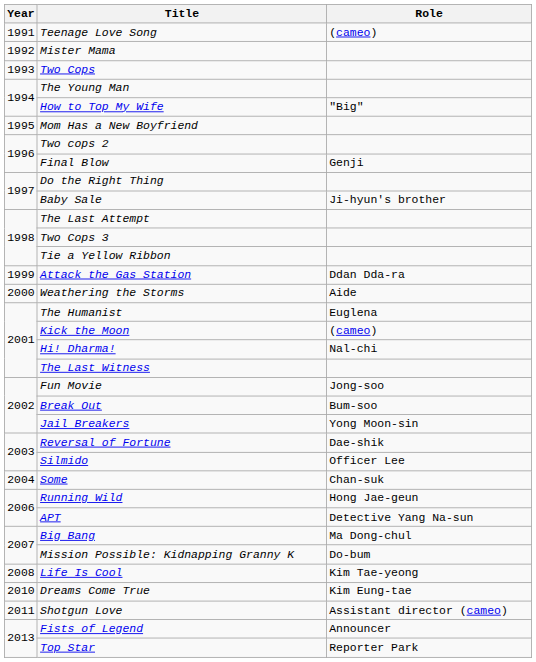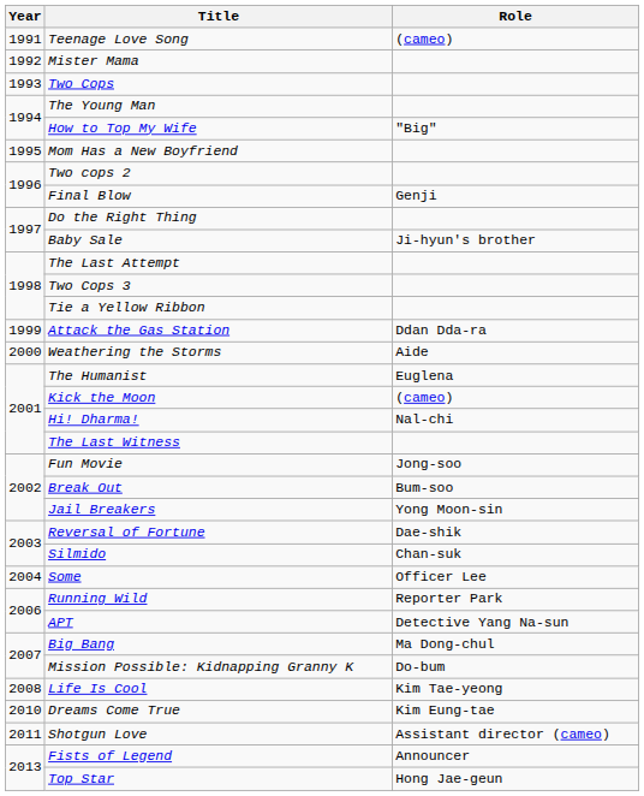 <table class="wikitable" style="width:600px">
 <tr>
 <th width=10>Year</th>
 <th>Title</th>
 <th>Role</th>
 </tr>
 <tr>
 <td>1991</td>
 <td><em>Teenage Love Song</em></td>
 <td>(<a href='#'>cameo</a>)</td>
 </tr>
 <tr>
 <td>1992</td>
 <td><em>Mister Mama</em></td>
 <td></td>
 </tr>
 <tr>
 <td>1993</td>
 <td><em><a href='#'>Two Cops</a></em></td>
 <td></td>
 </tr>
 <tr>
 <td rowspan=2>1994</td>
 <td><em>The Young Man</em></td>
 <td></td>
 </tr>
 <tr>
 <td><em><a href='#'>How to Top My Wife</a></em></td>
 <td>"Big"</td>
 </tr>
 <tr>
 <td>1995</td>
 <td><em>Mom Has a New Boyfriend</em></td>
 <td></td>
 </tr>
 <tr>
 <td rowspan=2>1996</td>
 <td><em>Two cops 2</em></td>
 <td></td>
 </tr>
 <tr>
 <td><em>Final Blow</em></td>
 <td>Genji</td>
 </tr>
 <tr>
 <td rowspan=2>1997</td>
 <td><em>Do the Right Thing</em></td>
 <td></td>
 </tr>
 <tr>
 <td><em>Baby Sale</em></td>
 <td>Ji-hyun's brother</td>
 </tr>
 <tr>
 <td rowspan=3>1998</td>
 <td><em>The Last Attempt</em></td>
 <td></td>
 </tr>
 <tr>
 <td><em>Two Cops 3</em></td>
 <td></td>
 </tr>
 <tr>
 <td><em>Tie a Yellow Ribbon</em></td>
 <td></td>
 </tr>
 <tr>
 <td>1999</td>
 <td><em><a href='#'>Attack the Gas Station</a></em></td>
 <td>Ddan Dda-ra</td>
 </tr>
 <tr>
 <td>2000</td>
 <td><em>Weathering the Storms</em></td>
 <td>Aide</td>
 </tr>
 <tr>
 <td rowspan=4>2001</td>
 <td><em>The Humanist</em></td>
 <td>Euglena</td>
 </tr>
 <tr>
 <td><em><a href='#'>Kick the Moon</a></em></td>
 <td>(<a href='#'>cameo</a>)</td>
 </tr>
 <tr>
 <td><em><a href='#'>Hi! Dharma!</a></em></td>
 <td>Nal-chi</td>
 </tr>
 <tr>
 <td><em><a href='#'>The Last Witness</a></em></td>
 <td></td>
 </tr>
 <tr>
 <td rowspan=3>2002</td>
 <td><em>Fun Movie</em></td>
 <td>Jong-soo</td>
 </tr>
 <tr>
 <td><em><a href='#'>Break Out</a></em></td>
 <td>Bum-soo</td>
 </tr>
 <tr>
 <td><em><a href='#'>Jail Breakers</a></em></td>
 <td>Yong Moon-sin</td>
 </tr>
 <tr>
 <td rowspan=2>2003</td>
 <td><em><a href='#'>Reversal of Fortune</a></em></td>
 <td>Dae-shik</td>
 </tr>
 <tr>
 <td><em><a href='#'>Silmido</a></em></td>
-<td>Officer Lee</td>
+<td>Chan-suk</td>
 </tr>
 <tr>
 <td>2004</td>
 <td><em><a href='#'>Some</a></em></td>
-<td>Chan-suk</td>
+<td>Officer Lee</td>
 </tr>
 <tr>
 <td rowspan=2>2006</td>
 <td><em><a href='#'>Running Wild</a></em></td>
-<td>Hong Jae-geun</td>
+<td>Reporter Park</td>
 </tr>
 <tr>
 <td><em><a href='#'>APT</a></em></td>
 <td>Detective Yang Na-sun</td>
 </tr>
 <tr>
 <td rowspan=2>2007</td>
 <td><em><a href='#'>Big Bang</a></em></td>
 <td>Ma Dong-chul</td>
 </tr>
 <tr>
 <td><em>Mission Possible: Kidnapping Granny K</em></td>
 <td>Do-bum</td>
 </tr>
 <tr>
 <td>2008</td>
 <td><em><a href='#'>Life Is Cool</a></em></td>
 <td>Kim Tae-yeong</td>
 </tr>
 <tr>
 <td>2010</td>
 <td><em>Dreams Come True</em> </td>
 <td>Kim Eung-tae</td>
 </tr>
 <tr>
 <td>2011</td>
 <td><em>Shotgun Love</em></td>
 <td>Assistant director (<a href='#'>cameo</a>)</td>
 </tr>
 <tr>
 <td rowspan=2>2013</td>
 <td><em><a href='#'>Fists of Legend</a></em></td>
 <td>Announcer</td>
 </tr>
 <tr>
 <td><em><a href='#'>Top Star</a></em></td>
-<td>Reporter Park</td>
+<td>Hong Jae-geun</td>
 </tr>
 </table>
